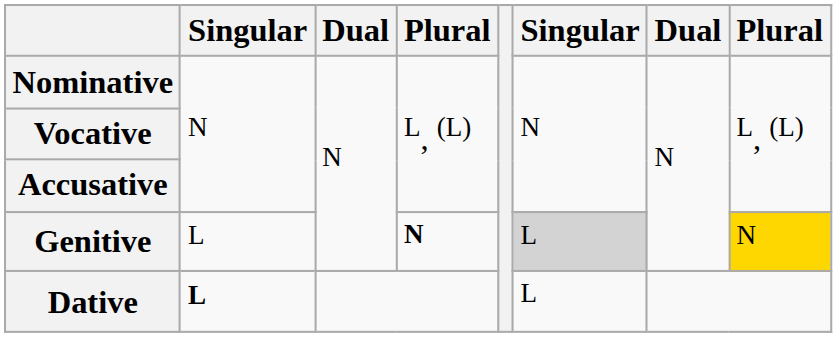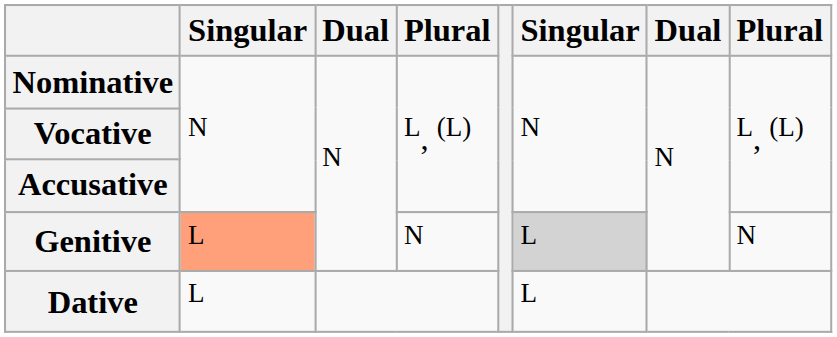 <table class="wikitable">
 <tr>
 <th></th>
 <th>Singular</th>
 <th>Dual</th>
 <th>Plural</th>
 <th rowspan=6></th>
 <th>Singular</th>
 <th>Dual</th>
 <th>Plural</th>
 </tr>
 <tr>
 <th>Nominative</th>
 <td rowspan="3"><sup>N</sup></td>
 <td rowspan="4"><sup>N</sup></td>
 <td rowspan="3"><sup>L</sup>, <sup>(L)</sup></td>
 <td rowspan="3"><sup>N</sup></td>
 <td rowspan="4"><sup>N</sup></td>
 <td rowspan="3"><sup>L</sup>, <sup>(L)</sup></td>
 </tr>
 <tr>
 <th>Vocative</th>
 </tr>
 <tr>
 <th>Accusative</th>
 </tr>
 <tr>
 <th>Genitive</th>
-<td><sup>L</sup></td>
-<td><strong><sup>N</sup></strong></td>
+<td style="background: lightsalmon;"><sup>L</sup></td>
+<td><sup>N</sup></td>
 <td style="background: lightgrey;"><sup>L</sup></td>
-<td style="background: gold;"><sup>N</sup></td>
+<td><sup>N</sup></td>
 </tr>
 <tr>
 <th>Dative</th>
-<td><strong><sup>L</sup></strong></td>
+<td><sup>L</sup></td>
 <td colspan="2"></td>
 <td><sup>L</sup></td>
 <td colspan="2"></td>
 </tr>
 </table>
